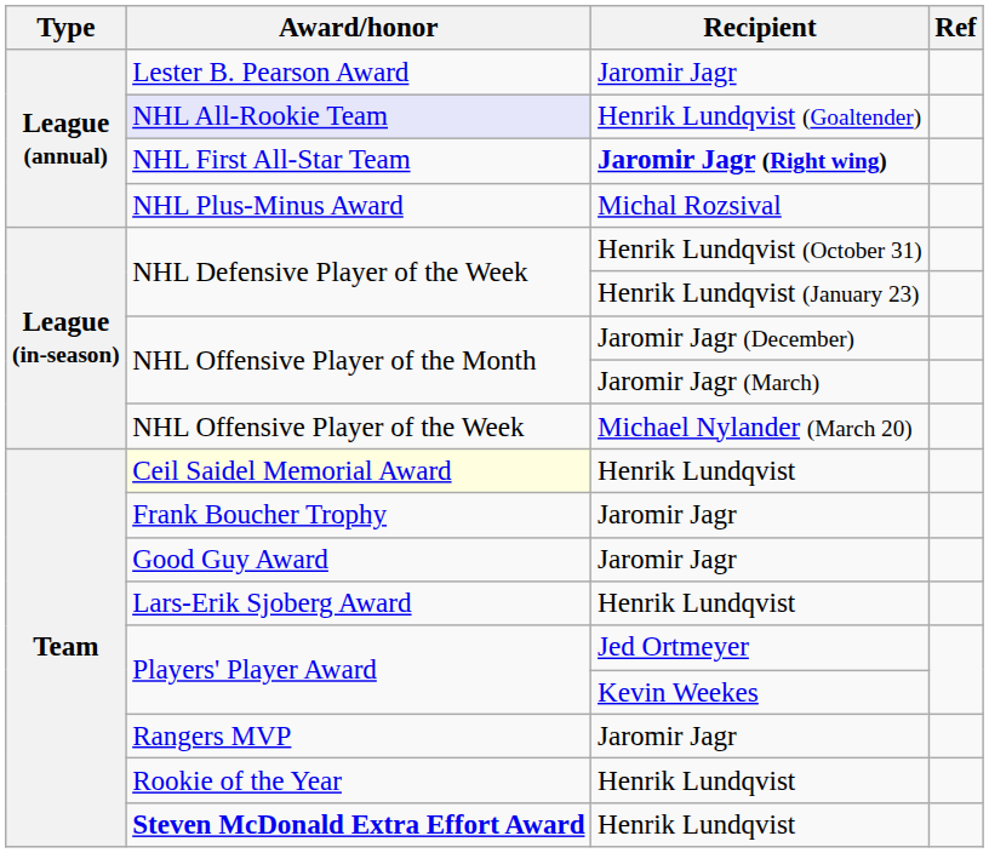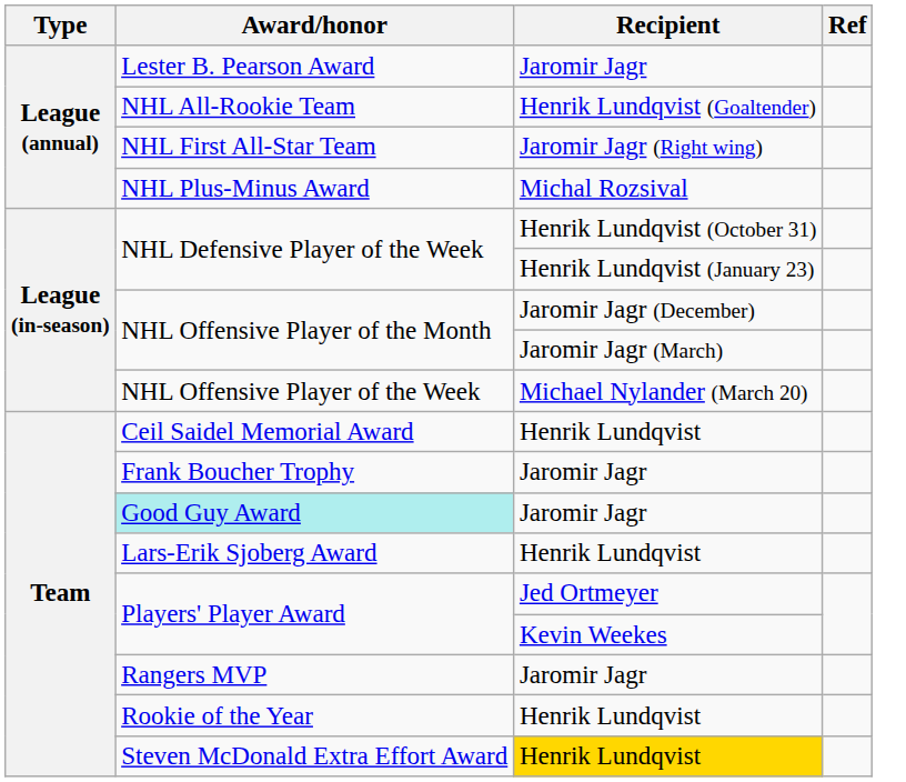 <table class="wikitable">
 <tr>
 <th scope="col">Type</th>
 <th scope="col">Award/honor</th>
 <th scope="col">Recipient</th>
 <th scope="col">Ref</th>
 </tr>
 <tr>
 <th scope="row" rowspan="4">League<br><small>(annual)</small></th>
 <td><a href='#'>Lester B. Pearson Award</a></td>
 <td><a href='#'>Jaromir Jagr</a></td>
 <td></td>
 </tr>
 <tr>
-<td style="background: lavender;"><a href='#'>NHL All-Rookie Team</a></td>
+<td><a href='#'>NHL All-Rookie Team</a></td>
 <td><a href='#'>Henrik Lundqvist</a> <small>(<a href='#'>Goaltender</a>)</small></td>
 <td></td>
 </tr>
 <tr>
 <td><a href='#'>NHL First All-Star Team</a></td>
-<td><strong><a href='#'>Jaromir Jagr</a> <small>(<a href='#'>Right wing</a>)</small></strong></td>
+<td><a href='#'>Jaromir Jagr</a> <small>(<a href='#'>Right wing</a>)</small></td>
 <td></td>
 </tr>
 <tr>
 <td><a href='#'>NHL Plus-Minus Award</a></td>
 <td><a href='#'>Michal Rozsival</a></td>
 <td></td>
 </tr>
 <tr>
 <th scope="row" rowspan="5">League<br><small>(in-season)</small></th>
 <td rowspan="2">NHL Defensive Player of the Week</td>
 <td>Henrik Lundqvist <small>(October 31)</small></td>
 <td></td>
 </tr>
 <tr>
 <td>Henrik Lundqvist <small>(January 23)</small></td>
 <td></td>
 </tr>
 <tr>
 <td rowspan="2">NHL Offensive Player of the Month</td>
 <td>Jaromir Jagr <small>(December)</small></td>
 <td></td>
 </tr>
 <tr>
 <td>Jaromir Jagr <small>(March)</small></td>
 <td></td>
 </tr>
 <tr>
 <td>NHL Offensive Player of the Week</td>
 <td><a href='#'>Michael Nylander</a> <small>(March 20)</small></td>
 <td></td>
 </tr>
 <tr>
 <th scope="row" rowspan="9">Team</th>
-<td style="background: lightyellow;"><a href='#'>Ceil Saidel Memorial Award</a></td>
+<td><a href='#'>Ceil Saidel Memorial Award</a></td>
 <td>Henrik Lundqvist</td>
 <td></td>
 </tr>
 <tr>
 <td><a href='#'>Frank Boucher Trophy</a></td>
 <td>Jaromir Jagr</td>
 <td></td>
 </tr>
 <tr>
-<td><a href='#'>Good Guy Award</a></td>
+<td style="background: paleturquoise;"><a href='#'>Good Guy Award</a></td>
 <td>Jaromir Jagr</td>
 <td></td>
 </tr>
 <tr>
 <td><a href='#'>Lars-Erik Sjoberg Award</a></td>
 <td>Henrik Lundqvist</td>
 <td></td>
 </tr>
 <tr>
 <td rowspan="2"><a href='#'>Players' Player Award</a></td>
 <td><a href='#'>Jed Ortmeyer</a></td>
 <td rowspan="2"></td>
 </tr>
 <tr>
 <td><a href='#'>Kevin Weekes</a></td>
 </tr>
 <tr>
 <td><a href='#'>Rangers MVP</a></td>
 <td>Jaromir  Jagr</td>
 <td></td>
 </tr>
 <tr>
 <td><a href='#'>Rookie of the Year</a></td>
 <td>Henrik Lundqvist</td>
 <td></td>
 </tr>
 <tr>
-<td><strong><a href='#'>Steven McDonald Extra Effort Award</a></strong></td>
-<td>Henrik Lundqvist</td>
+<td><a href='#'>Steven McDonald Extra Effort Award</a></td>
+<td style="background: gold;">Henrik Lundqvist</td>
 <td></td>
 </tr>
 </table>
